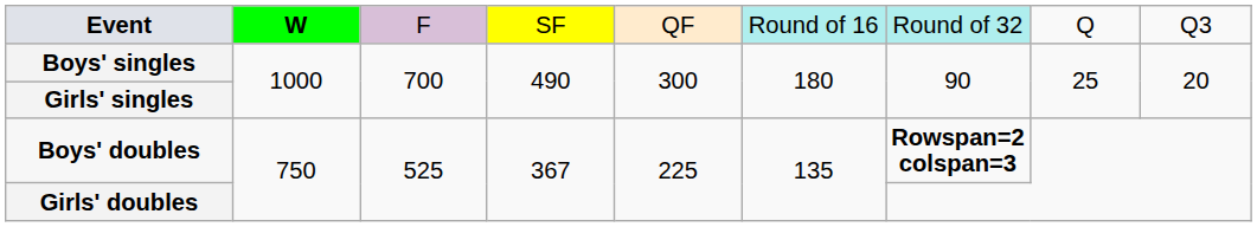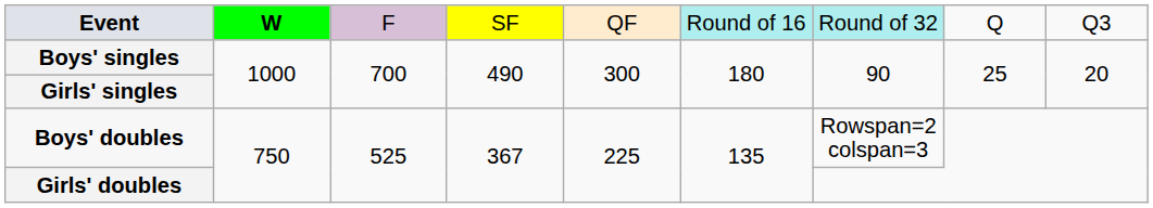 <table class="wikitable nowrap" style="font-size:90%; text-align:center">
 <tr>
 <th style="width:130px; background:#dfe2e9;">Event</th>
 <th style="width:70px; background:lime;">W</th>
 <td style="width:70px; background:thistle;">F</td>
 <td style="width:70px; background:#ff0;">SF</td>
 <td style="width:70px; background:#ffebcd;">QF</td>
 <td style="width:80px; background:#afeeee;">Round of 16</td>
 <td style="width:80px; background:#afeeee;">Round of 32</td>
 <td style="width:60px;">Q</td>
 <td style="width:60px;">Q3</td>
 </tr>
 <tr>
 <th style="background:#f3f3f3;">Boys' singles</th>
 <td rowspan=2>1000</td>
 <td rowspan=2>700</td>
 <td rowspan=2>490</td>
 <td rowspan=2>300</td>
 <td rowspan=2>180</td>
 <td rowspan=2>90</td>
 <td rowspan=2>25</td>
 <td rowspan=2>20</td>
 </tr>
 <tr>
 <th style="background:#f3f3f3;">Girls' singles</th>
 </tr>
 <tr>
 <th style="background:#f7f7f7;">Boys' doubles</th>
 <td rowspan=2>750</td>
 <td rowspan=2>525</td>
 <td rowspan=2>367</td>
 <td rowspan=2>225</td>
 <td rowspan=2>135</td>
-<td><strong>Rowspan=2 colspan=3 </strong></td>
+<td>Rowspan=2 colspan=3 </td>
 </tr>
 <tr>
 <th style="background:#f3f3f3;">Girls' doubles</th>
 </tr>
 </table>
